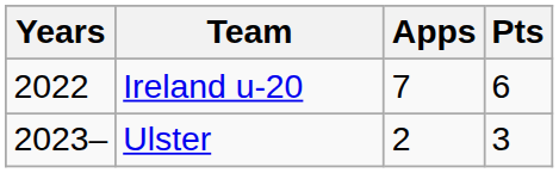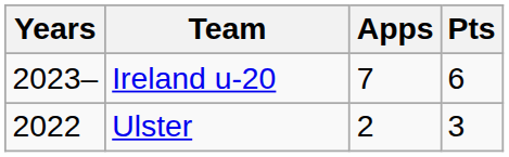 <table class="wikitable" style="text-align:left;">
 <tr>
 <th>Years</th>
 <th width=120px>Team</th>
 <th>Apps</th>
 <th>Pts</th>
 </tr>
 <tr>
-<td>2022</td>
+<td>2023–</td>
 <td><a href='#'>Ireland u-20</a></td>
 <td>7</td>
 <td>6</td>
 </tr>
 <tr>
-<td>2023–</td>
+<td>2022</td>
 <td><a href='#'>Ulster</a></td>
 <td>2</td>
 <td>3</td>
 </tr>
 </table>
